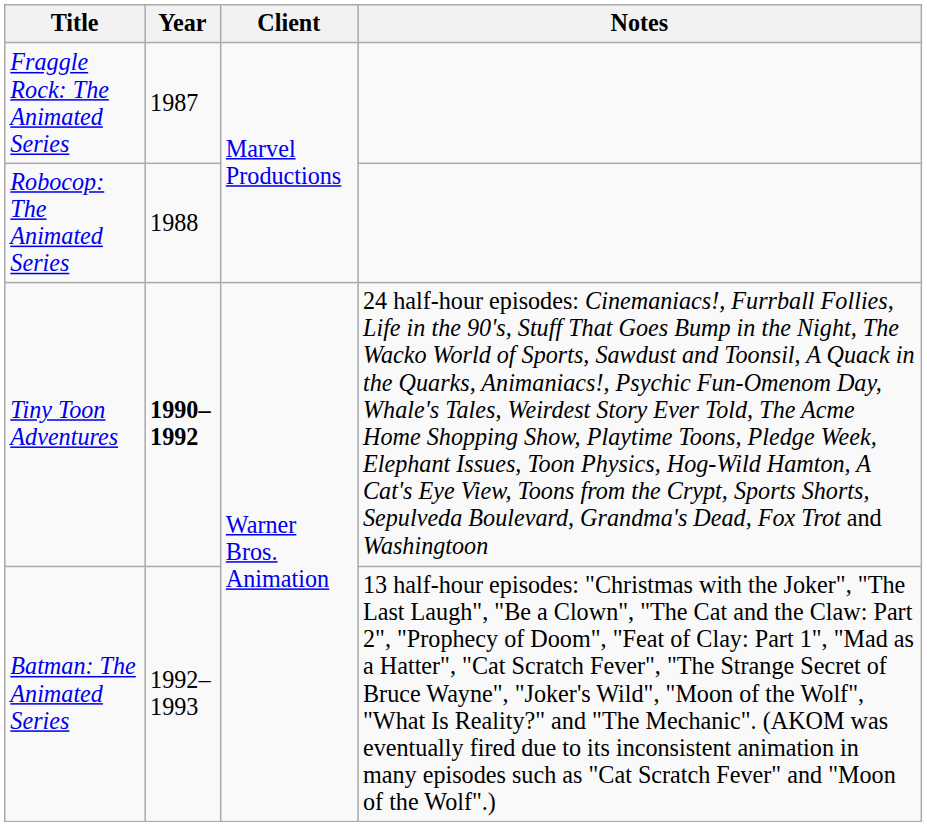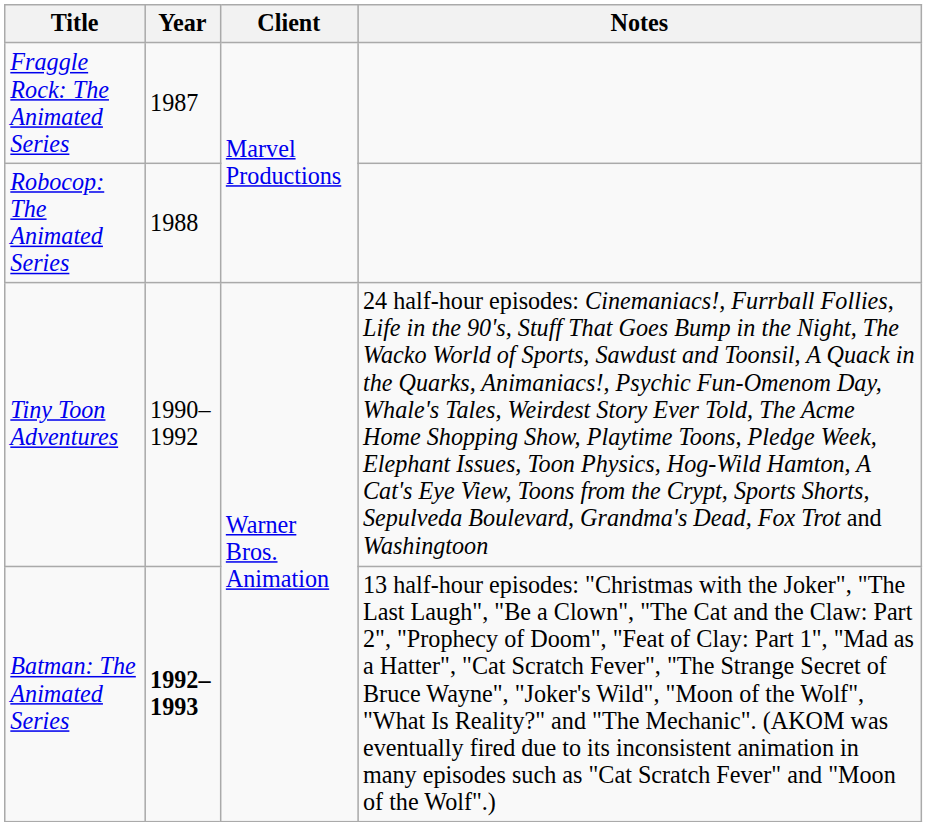 <table class="wikitable sortable">
 <tr>
 <th>Title</th>
 <th>Year</th>
 <th>Client</th>
 <th>Notes</th>
 </tr>
 <tr>
 <td><em><a href='#'>Fraggle Rock: The Animated Series</a></em></td>
 <td>1987</td>
 <td rowspan=2><a href='#'>Marvel Productions</a></td>
 <td></td>
 </tr>
 <tr>
 <td><em><a href='#'>Robocop: The Animated Series</a></em></td>
 <td>1988</td>
 <td></td>
 </tr>
 <tr>
 <td><em><a href='#'>Tiny Toon Adventures</a></em></td>
-<td><strong>1990–1992</strong></td>
+<td>1990–1992</td>
 <td rowspan=2><a href='#'>Warner Bros. Animation</a></td>
 <td>24 half-hour episodes: <em>Cinemaniacs!, Furrball Follies, Life in the 90's, Stuff That Goes Bump in the Night, The Wacko World of Sports, Sawdust and Toonsil, A Quack in the Quarks, Animaniacs!, Psychic Fun-Omenom Day, Whale's Tales, Weirdest Story Ever Told, The Acme Home Shopping Show, Playtime Toons, Pledge Week, Elephant Issues, Toon Physics, Hog-Wild Hamton, A Cat's Eye View, Toons from the Crypt, Sports Shorts, Sepulveda Boulevard, Grandma's Dead, Fox Trot</em> and <em>Washingtoon</em></td>
 </tr>
 <tr>
 <td><em><a href='#'>Batman: The Animated Series</a></em></td>
-<td>1992–1993</td>
+<td><strong>1992–1993</strong></td>
 <td>13 half-hour episodes: "Christmas with the Joker", "The Last Laugh", "Be a Clown", "The Cat and the Claw: Part 2", "Prophecy of Doom", "Feat of Clay: Part 1", "Mad as a Hatter", "Cat Scratch Fever", "The Strange Secret of Bruce Wayne", "Joker's Wild", "Moon of the Wolf", "What Is Reality?" and "The Mechanic". (AKOM was eventually fired due to its inconsistent animation in many episodes such as "Cat Scratch Fever" and "Moon of the Wolf".)</td>
 </tr>
 </table>
